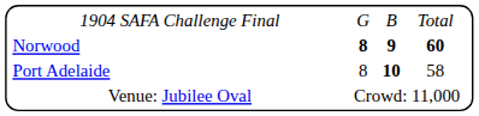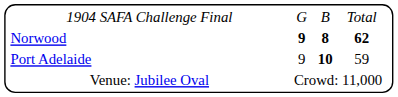 <table style="margin-right:4px; margin-top:8px; float:right; border:1px #000 solid; border-radius:8px; background:#fff; font-family:Verdana; font-size:8pt; text-align:center;">
 <tr>
 <td width=200><em>1904 SAFA Challenge Final</em></td>
 <td><em>G</em></td>
 <td><em>B</em></td>
 <td><em>Total</em></td>
 </tr>
 <tr>
 <td style="text-align:left"><a href='#'>Norwood</a></td>
+<td><strong>9</strong></td>
 <td><strong>8</strong></td>
-<td><strong>9</strong></td>
-<td><strong>60</strong></td>
+<td><strong>62</strong></td>
 </tr>
 <tr>
 <td style="text-align:left"><a href='#'>Port Adelaide</a></td>
-<td>8</td>
+<td>9</td>
 <td><strong>10</strong></td>
-<td>58</td>
+<td>59</td>
 </tr>
 <tr>
 <td>Venue: <a href='#'>Jubilee Oval</a></td>
 <td colspan=3>Crowd: 11,000</td>
 <td colspan=3></td>
 </tr>
 </table>
